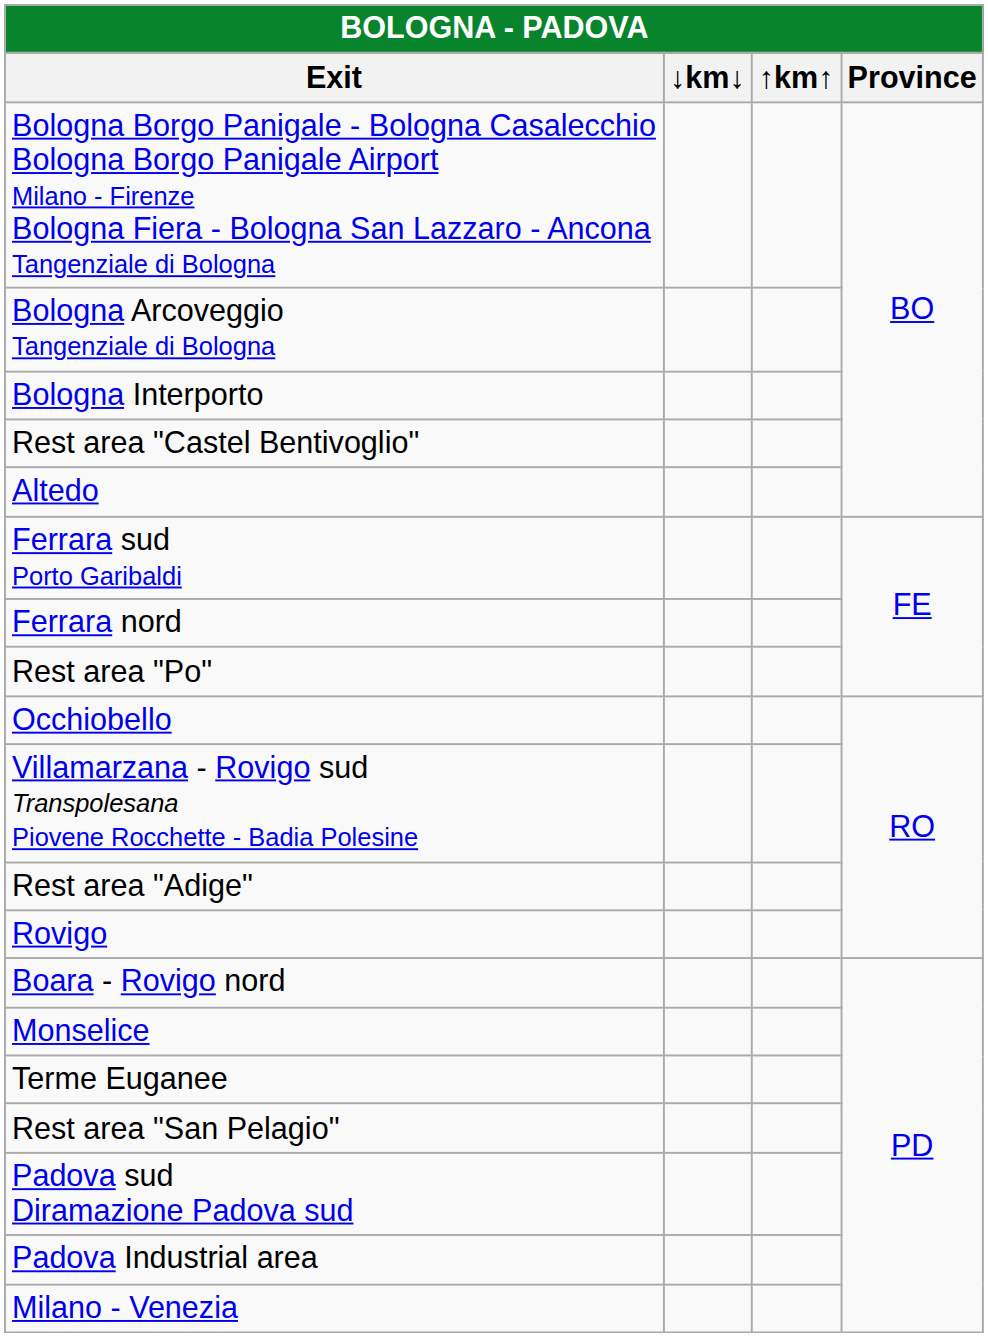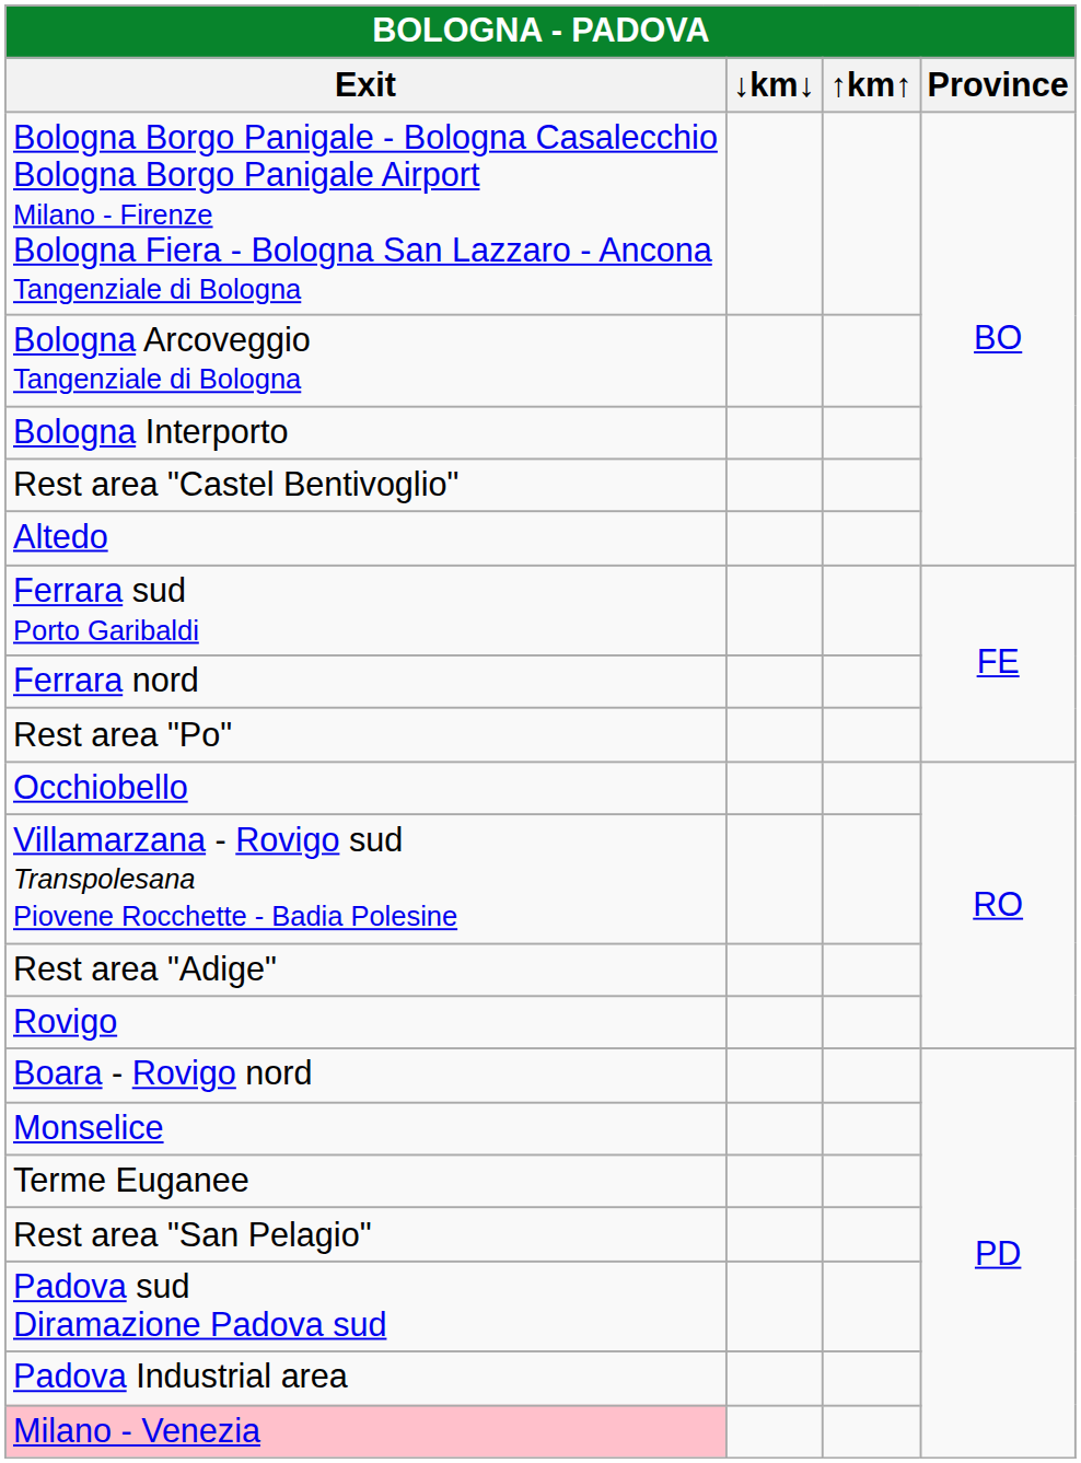 <table class="wikitable">
 <tr>
 </tr>
 <tr align="center" bgcolor="08842C" style="color: white;font-size:100%;">
 <td colspan="5"><strong> BOLOGNA - PADOVA</strong><br></td>
 </tr>
 <tr>
 <th><strong>Exit</strong></th>
 <th align="center"><strong>↓km↓</strong></th>
 <th align="center"><strong>↑km↑</strong></th>
 <th align="center"><strong>Province</strong></th>
 </tr>
 <tr>
 <td>   <a href='#'>Bologna Borgo Panigale - Bologna Casalecchio</a><br> <a href='#'>Bologna Borgo Panigale Airport</a><br><small>   <a href='#'>Milano - Firenze</a></small><br>  <a href='#'>Bologna Fiera - Bologna San Lazzaro - Ancona</a><br><small> <a href='#'>Tangenziale di Bologna</a></small></td>
 <td align="right"></td>
 <td align="right"></td>
 <td rowspan=5 align="center"><a href='#'>BO</a></td>
 </tr>
 <tr>
 <td> <a href='#'>Bologna</a> Arcoveggio<br><small> <a href='#'>Tangenziale di Bologna</a></small></td>
 <td align="right"></td>
 <td align="right"></td>
 </tr>
 <tr>
 <td> <a href='#'>Bologna</a> Interporto</td>
 <td align="right"></td>
 <td align="right"></td>
 </tr>
 <tr>
 <td> Rest area "Castel Bentivoglio"</td>
 <td align="right"></td>
 <td align="right"></td>
 </tr>
 <tr>
 <td> <a href='#'>Altedo</a></td>
 <td align="right"></td>
 <td align="right"></td>
 </tr>
 <tr>
 <td> <a href='#'>Ferrara</a> sud<br><small> <a href='#'>Porto Garibaldi</a></small></td>
 <td align="right"></td>
 <td align="right"></td>
 <td rowspan=3 align="center"><a href='#'>FE</a></td>
 </tr>
 <tr>
 <td> <a href='#'>Ferrara</a> nord</td>
 <td align="right"></td>
 <td align="right"></td>
 </tr>
 <tr>
 <td> Rest area "Po"</td>
 <td align="right"></td>
 <td align="right"></td>
 </tr>
 <tr>
 <td> <a href='#'>Occhiobello</a></td>
 <td align="right"></td>
 <td align="right"></td>
 <td rowspan=4 align="center"><a href='#'>RO</a></td>
 </tr>
 <tr>
 <td> <a href='#'>Villamarzana</a> - <a href='#'>Rovigo</a> sud<br><small>  <em>Transpolesana</em></small><br><small>  <a href='#'>Piovene Rocchette - Badia Polesine</a></small></td>
 <td align="right"></td>
 <td align="right"></td>
 </tr>
 <tr>
 <td> Rest area "Adige"</td>
 <td align="right"></td>
 <td align="right"></td>
 </tr>
 <tr>
 <td> <a href='#'>Rovigo</a></td>
 <td align="right"></td>
 <td align="right"></td>
 </tr>
 <tr>
 <td> <a href='#'>Boara</a> - <a href='#'>Rovigo</a> nord</td>
 <td align="right"></td>
 <td align="right"></td>
 <td rowspan="7" align="center"><a href='#'>PD</a></td>
 </tr>
 <tr>
 <td> <a href='#'>Monselice</a></td>
 <td align="right"></td>
 <td align="right"></td>
 </tr>
 <tr>
 <td>  Terme Euganee</td>
 <td align="right"></td>
 <td align="right"></td>
 </tr>
 <tr>
 <td> Rest area "San Pelagio"</td>
 <td align="right"></td>
 <td align="right"></td>
 </tr>
 <tr>
 <td> <a href='#'>Padova</a> sud <br> <a href='#'>Diramazione Padova sud</a></td>
 <td align="right"></td>
 <td align="right"></td>
 </tr>
 <tr>
 <td> <a href='#'>Padova</a>  Industrial area</td>
 <td align="right"></td>
 <td align="right"></td>
 </tr>
 <tr>
-<td>   <a href='#'>Milano - Venezia</a></td>
+<td style="background: pink;">   <a href='#'>Milano - Venezia</a></td>
 <td align="right"></td>
 <td align="right"></td>
 </tr>
 </table>
